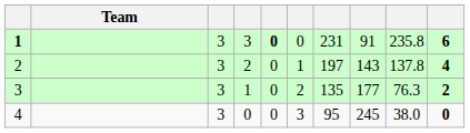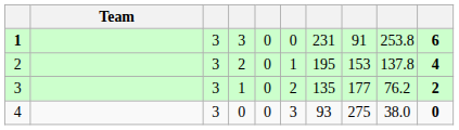 <table class=wikitable style=text-align:center>
 <tr>
 <th width=20 abbr=Position></th>
 <th width=175>Team</th>
 <th width=20 abbr=Played></th>
 <th width=20 abbr=Won></th>
 <th width=20 abbr=Drawn></th>
 <th width=20 abbr=Lost></th>
 <th width=30 abbr=Goal for></th>
 <th width=30 abbr=Goal against></th>
 <th width=30 abbr=Percentage></th>
 <th width=30 abbr=Points></th>
 </tr>
 <tr bgcolor=#CCFFCC>
 <td><strong>1</strong></td>
 <td align=left></td>
 <td>3</td>
 <td>3</td>
-<td><strong>0</strong></td>
+<td>0</td>
 <td>0</td>
 <td>231</td>
 <td>91</td>
-<td>235.8</td>
+<td>253.8</td>
 <td><strong>6</strong></td>
 </tr>
 <tr bgcolor=#CCFFCC>
 <td>2</td>
 <td align=left></td>
 <td>3</td>
 <td>2</td>
 <td>0</td>
 <td>1</td>
-<td>197</td>
-<td>143</td>
+<td>195</td>
+<td>153</td>
 <td>137.8</td>
 <td><strong>4</strong></td>
 </tr>
 <tr bgcolor=#CCFFCC>
 <td>3</td>
 <td align=left></td>
 <td>3</td>
 <td>1</td>
 <td>0</td>
 <td>2</td>
 <td>135</td>
 <td>177</td>
-<td>76.3</td>
+<td>76.2</td>
 <td><strong>2</strong></td>
 </tr>
 <tr>
 <td>4</td>
 <td align=left></td>
 <td>3</td>
 <td>0</td>
 <td>0</td>
 <td>3</td>
-<td>95</td>
-<td>245</td>
+<td>93</td>
+<td>275</td>
 <td>38.0</td>
 <td><strong>0</strong></td>
 </tr>
 </table>
